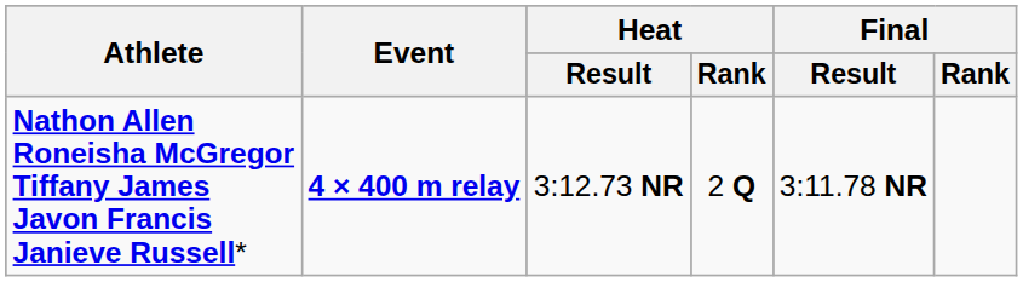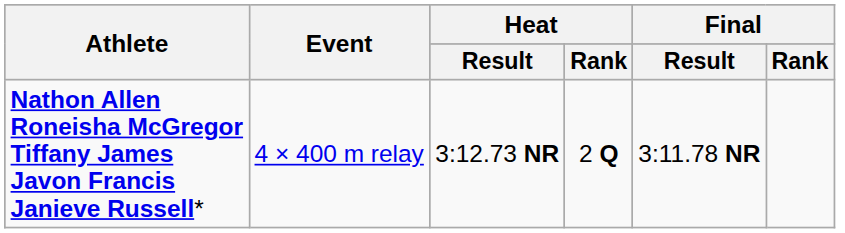 <table class=wikitable style=font-size:90%>
 <tr>
 <th rowspan=2>Athlete</th>
 <th rowspan=2>Event</th>
 <th colspan=2>Heat</th>
 <th colspan=2>Final</th>
 </tr>
 <tr style=font-size:95%>
 <th>Result</th>
 <th>Rank</th>
 <th>Result</th>
 <th>Rank</th>
 </tr>
 <tr align=center>
 <td align=left><strong><a href='#'>Nathon Allen</a><br><a href='#'>Roneisha McGregor</a><br><a href='#'>Tiffany James</a><br><a href='#'>Javon Francis</a><br><a href='#'>Janieve Russell</a></strong>*</td>
-<td align=left><strong><a href='#'>4 × 400 m relay</a></strong></td>
+<td align=left><a href='#'>4 × 400 m relay</a></td>
 <td>3:12.73 <strong>NR</strong></td>
 <td>2 <strong>Q</strong></td>
 <td>3:11.78 <strong>NR</strong></td>
 <td></td>
 </tr>
 </table>
